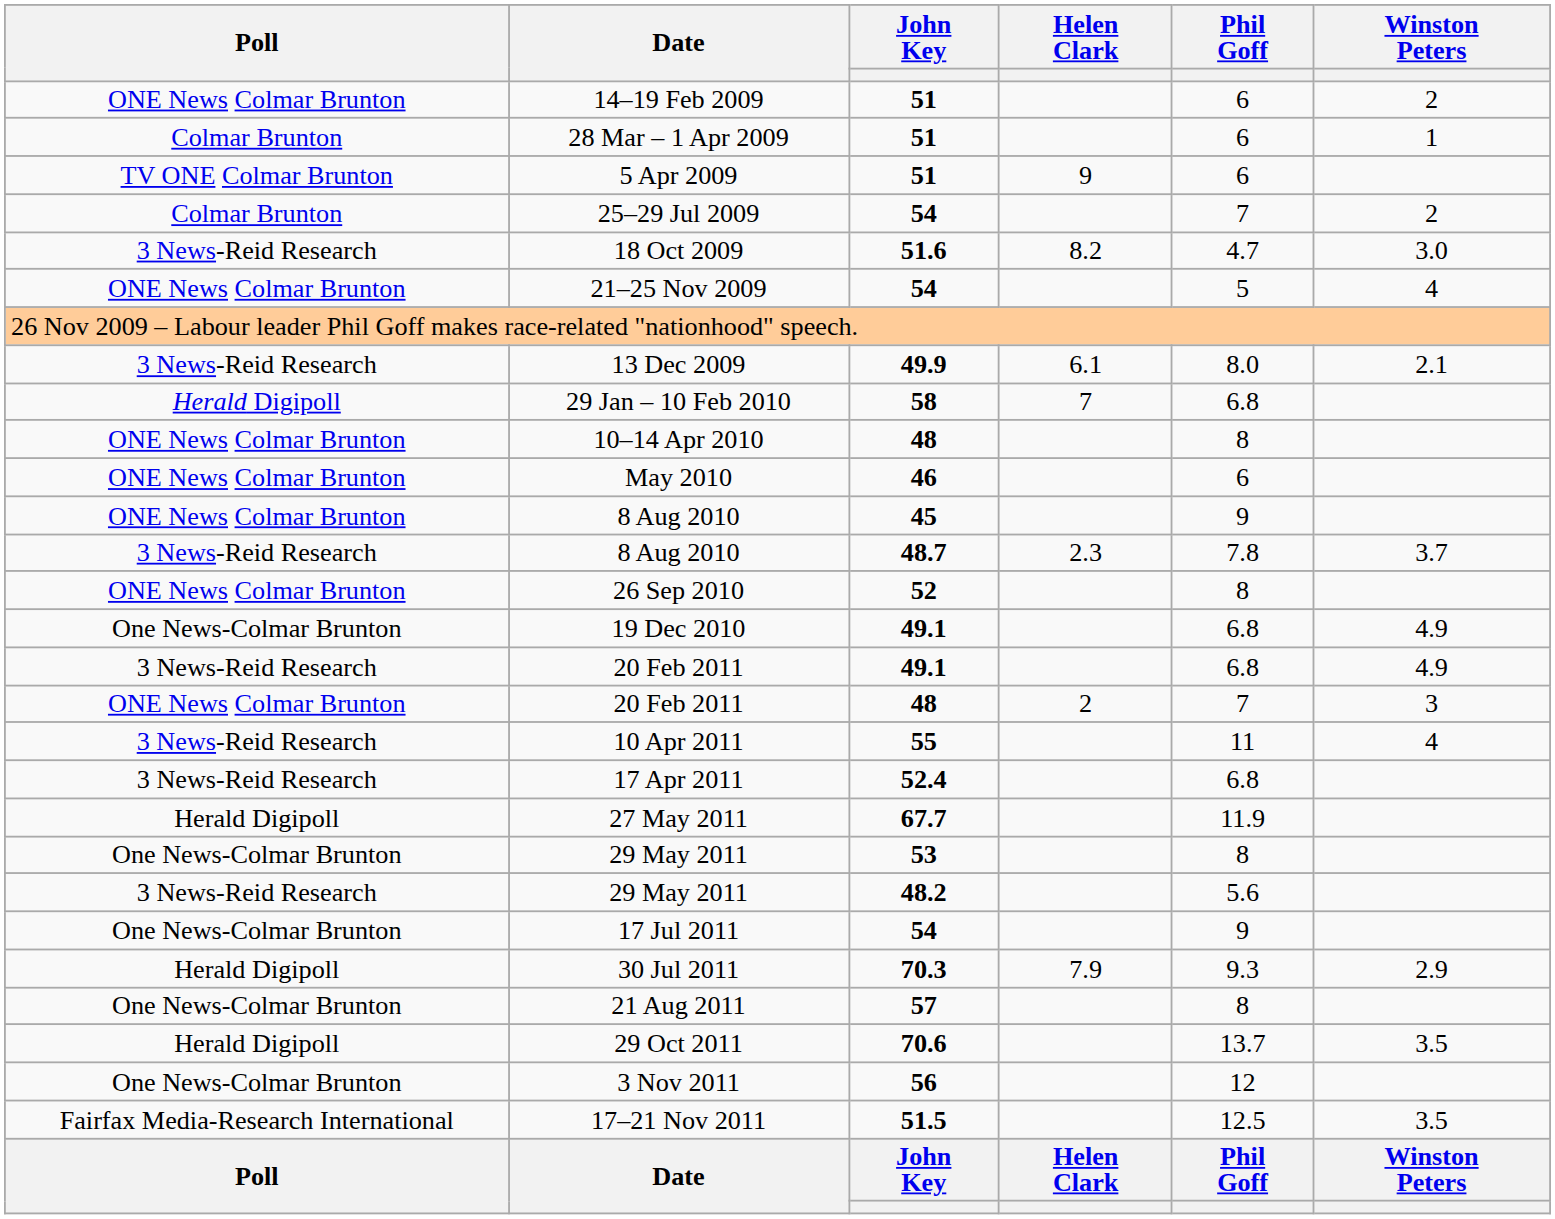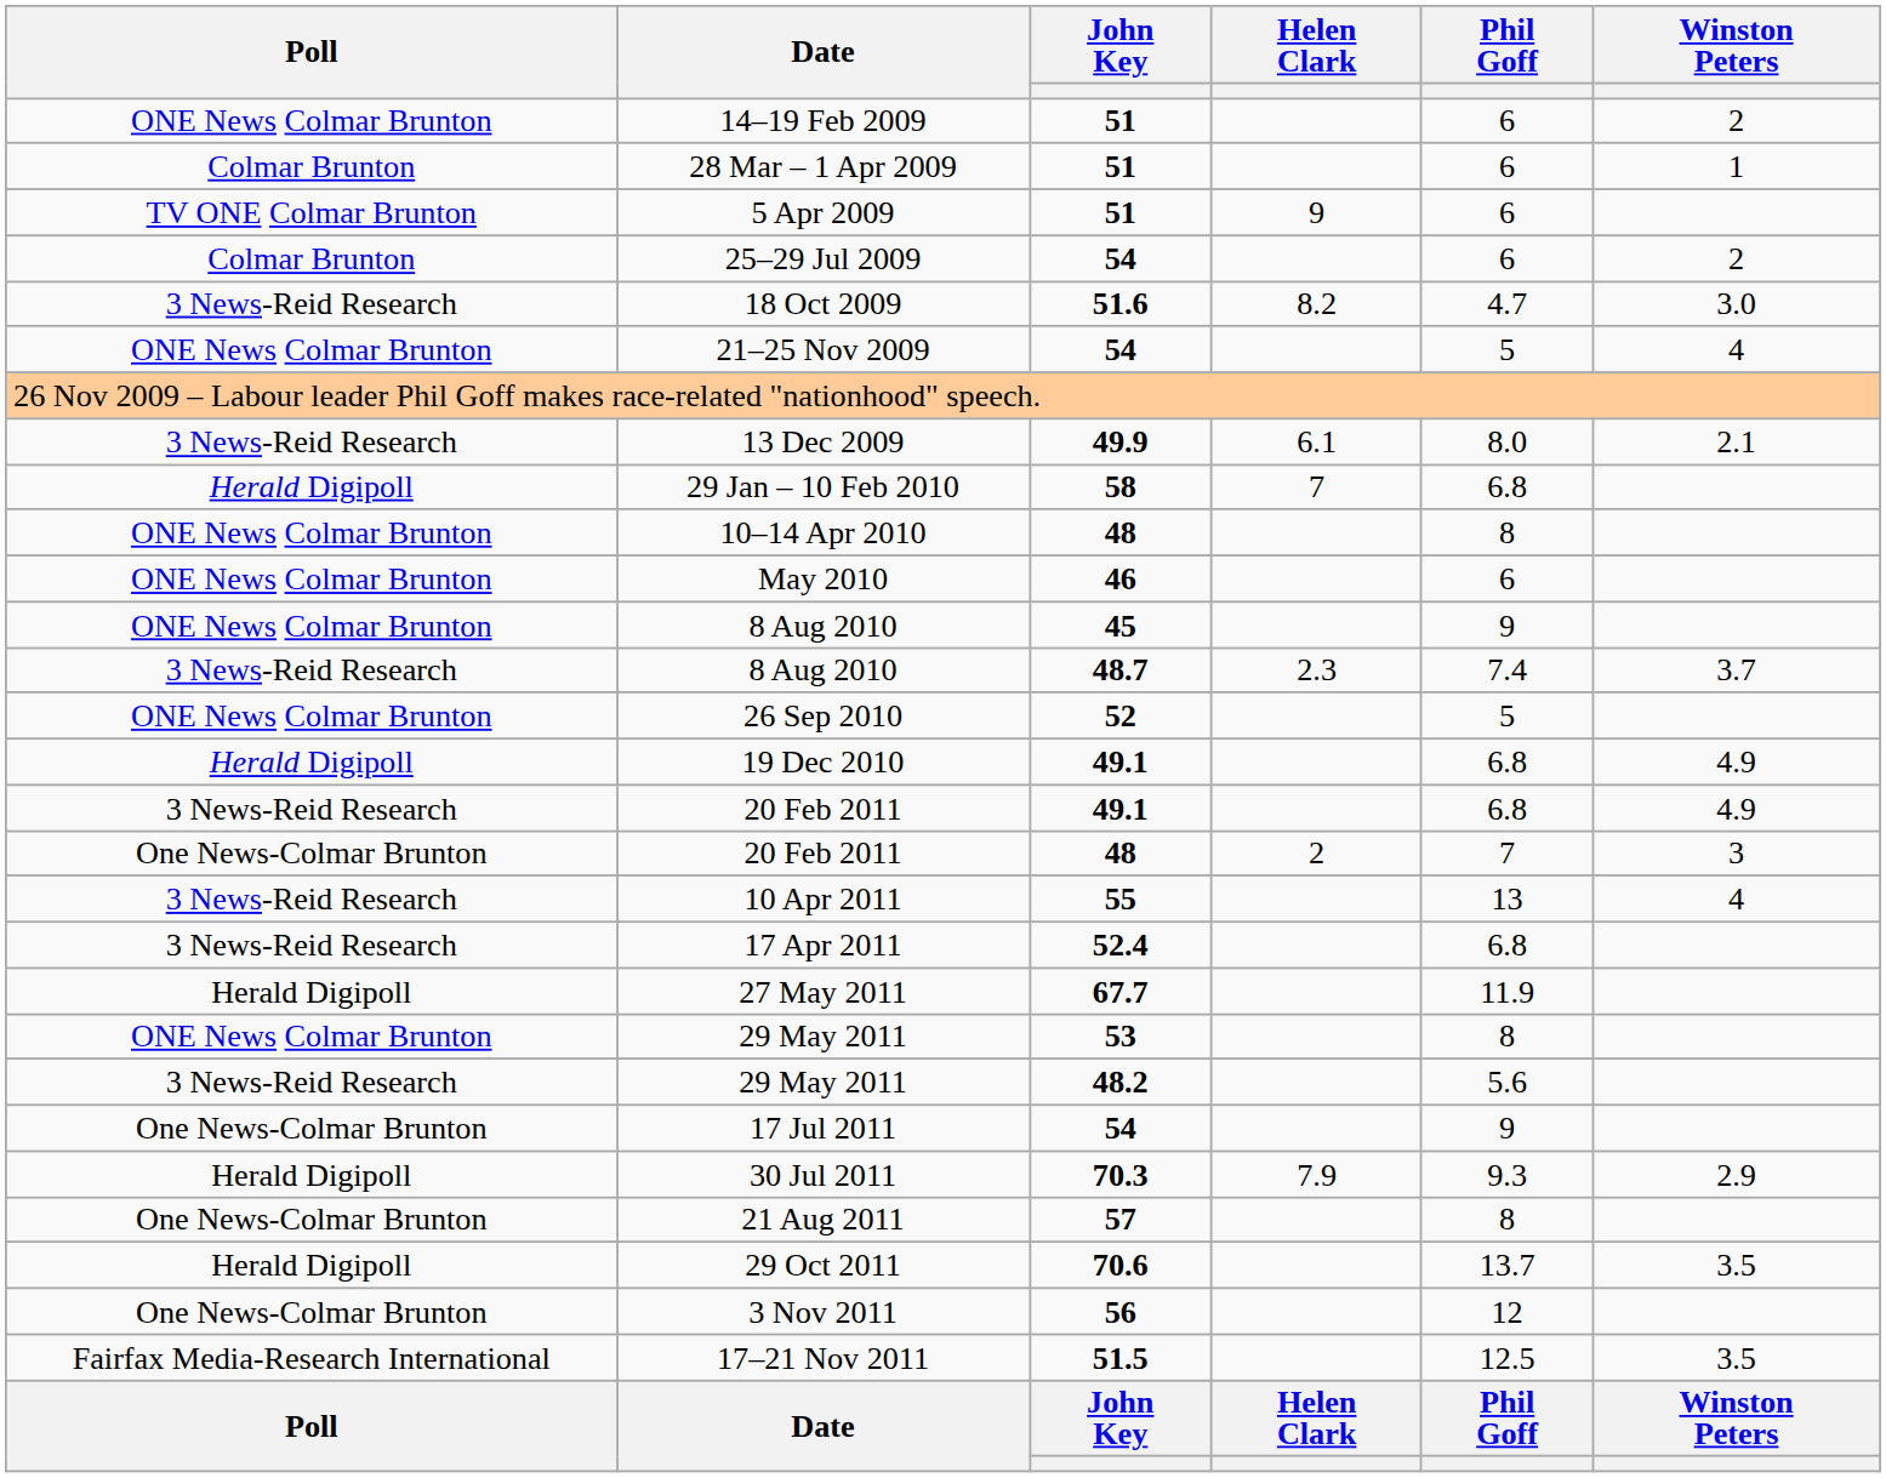 <table class="wikitable" style="width:850px;font-size:90%;line-height:14px;text-align:center;">
 <tr style="height:32px">
 <th style="width:100px;" rowspan="2">Poll</th>
 <th style="width:100px;" rowspan="2">Date<br></th>
 <th><a href='#'>John<br>Key</a></th>
 <th><a href='#'>Helen<br>Clark</a></th>
 <th><a href='#'>Phil<br>Goff</a></th>
 <th><a href='#'>Winston<br>Peters</a></th>
 </tr>
 <tr>
 <th class="unsortable" style="color:inherit;background:"></th>
 <th class="unsortable" style="color:inherit;background:"></th>
 <th class="unsortable" style="color:inherit;background:"></th>
 <th class="unsortable" style="color:inherit;background:"></th>
 </tr>
 <tr>
 <td><a href='#'>ONE News</a> <a href='#'>Colmar Brunton</a></td>
 <td>14–19 Feb 2009</td>
 <td><strong>51</strong></td>
 <td></td>
 <td>6</td>
 <td>2</td>
 </tr>
 <tr>
 <td><a href='#'>Colmar Brunton</a></td>
 <td>28 Mar – 1 Apr 2009</td>
 <td><strong>51</strong></td>
 <td></td>
 <td>6</td>
 <td>1</td>
 </tr>
 <tr>
 <td><a href='#'>TV ONE</a> <a href='#'>Colmar Brunton</a></td>
 <td>5 Apr 2009</td>
 <td><strong>51</strong></td>
 <td>9</td>
 <td>6</td>
 <td></td>
 </tr>
 <tr>
 <td><a href='#'>Colmar Brunton</a></td>
 <td>25–29 Jul 2009</td>
 <td><strong>54</strong></td>
 <td></td>
-<td>7</td>
+<td>6</td>
 <td>2</td>
 </tr>
 <tr>
 <td><a href='#'>3 News</a>-Reid Research</td>
 <td>18 Oct 2009</td>
 <td><strong>51.6</strong></td>
 <td>8.2</td>
 <td>4.7</td>
 <td>3.0</td>
 </tr>
 <tr>
 <td><a href='#'>ONE News</a> <a href='#'>Colmar Brunton</a></td>
 <td>21–25 Nov 2009</td>
 <td><strong>54</strong></td>
 <td></td>
 <td>5</td>
 <td>4</td>
 </tr>
 <tr>
 <td colspan="12" style="background:#fc9;text-align:left;">26 Nov 2009 – Labour leader Phil Goff makes race-related "nationhood" speech.</td>
 </tr>
 <tr>
 <td><a href='#'>3 News</a>-Reid Research</td>
 <td>13 Dec 2009</td>
 <td><strong>49.9</strong></td>
 <td>6.1</td>
 <td>8.0</td>
 <td>2.1</td>
 </tr>
 <tr>
 <td><a href='#'><em>Herald</em> Digipoll</a></td>
 <td>29 Jan – 10 Feb 2010</td>
 <td><strong>58</strong></td>
 <td>7</td>
 <td>6.8</td>
 <td></td>
 </tr>
 <tr>
 <td><a href='#'>ONE News</a> <a href='#'>Colmar Brunton</a></td>
 <td>10–14 Apr 2010</td>
 <td><strong>48</strong></td>
 <td></td>
 <td>8</td>
 <td></td>
 </tr>
 <tr>
 <td><a href='#'>ONE News</a> <a href='#'>Colmar Brunton</a></td>
 <td>May 2010</td>
 <td><strong>46</strong></td>
 <td></td>
 <td>6</td>
 <td></td>
 </tr>
 <tr>
 <td><a href='#'>ONE News</a> <a href='#'>Colmar Brunton</a></td>
 <td>8 Aug 2010</td>
 <td><strong>45</strong></td>
 <td></td>
 <td>9</td>
 <td></td>
 </tr>
 <tr>
 <td><a href='#'>3 News</a>-Reid Research</td>
 <td>8 Aug 2010</td>
 <td><strong>48.7</strong></td>
 <td>2.3</td>
-<td>7.8</td>
+<td>7.4</td>
 <td>3.7</td>
 </tr>
 <tr>
 <td><a href='#'>ONE News</a> <a href='#'>Colmar Brunton</a></td>
 <td>26 Sep 2010</td>
 <td><strong>52</strong></td>
 <td></td>
-<td>8</td>
+<td>5</td>
 <td></td>
 </tr>
 <tr>
-<td>One News-Colmar Brunton</td>
+<td><a href='#'><em>Herald</em> Digipoll</a></td>
 <td>19 Dec 2010</td>
 <td><strong>49.1</strong></td>
 <td></td>
 <td>6.8</td>
 <td>4.9</td>
 </tr>
 <tr>
 <td>3 News-Reid Research</td>
 <td>20 Feb 2011</td>
 <td><strong>49.1</strong></td>
 <td></td>
 <td>6.8</td>
 <td>4.9</td>
 </tr>
 <tr>
-<td><a href='#'>ONE News</a> <a href='#'>Colmar Brunton</a></td>
+<td>One News-Colmar Brunton</td>
 <td>20 Feb 2011</td>
 <td><strong>48</strong></td>
 <td>2</td>
 <td>7</td>
 <td>3<br></td>
 </tr>
 <tr>
 <td><a href='#'>3 News</a>-Reid Research</td>
 <td>10 Apr 2011</td>
 <td><strong>55</strong></td>
 <td></td>
-<td>11</td>
+<td>13</td>
 <td>4</td>
 </tr>
 <tr>
 <td>3 News-Reid Research</td>
 <td>17 Apr 2011</td>
 <td><strong>52.4</strong></td>
 <td></td>
 <td>6.8</td>
 <td></td>
 </tr>
 <tr>
 <td>Herald Digipoll</td>
 <td>27 May 2011</td>
 <td><strong>67.7</strong></td>
 <td></td>
 <td>11.9</td>
 <td></td>
 </tr>
 <tr>
-<td>One News-Colmar Brunton</td>
+<td><a href='#'>ONE News</a> <a href='#'>Colmar Brunton</a></td>
 <td>29 May 2011</td>
 <td><strong>53</strong></td>
 <td></td>
 <td>8</td>
 <td></td>
 </tr>
 <tr>
 <td>3 News-Reid Research</td>
 <td>29 May 2011</td>
 <td><strong>48.2</strong></td>
 <td></td>
 <td>5.6</td>
 <td></td>
 </tr>
 <tr>
 <td>One News-Colmar Brunton</td>
 <td>17 Jul 2011</td>
 <td><strong>54</strong></td>
 <td></td>
 <td>9</td>
 <td></td>
 </tr>
 <tr>
 <td>Herald Digipoll</td>
 <td>30 Jul 2011</td>
 <td><strong>70.3</strong></td>
 <td>7.9</td>
 <td>9.3</td>
 <td>2.9</td>
 </tr>
 <tr>
 <td>One News-Colmar Brunton</td>
 <td>21 Aug 2011</td>
 <td><strong>57</strong></td>
 <td></td>
 <td>8</td>
 <td></td>
 </tr>
 <tr>
 <td>Herald Digipoll</td>
 <td>29 Oct 2011</td>
 <td><strong>70.6</strong></td>
 <td></td>
 <td>13.7</td>
 <td>3.5</td>
 </tr>
 <tr>
 <td>One News-Colmar Brunton</td>
 <td>3 Nov 2011</td>
 <td><strong>56</strong></td>
 <td></td>
 <td>12</td>
 <td></td>
 </tr>
 <tr>
 <td>Fairfax Media-Research International</td>
 <td>17–21 Nov 2011</td>
 <td><strong>51.5</strong></td>
 <td></td>
 <td>12.5</td>
 <td>3.5</td>
 </tr>
 <tr>
 <th style="width:270px;" rowspan="2">Poll</th>
 <th style="width:180px;" rowspan="2">Date<br></th>
 <th><a href='#'>John<br>Key</a></th>
 <th><a href='#'>Helen<br>Clark</a></th>
 <th><a href='#'>Phil<br>Goff</a></th>
 <th><a href='#'>Winston<br>Peters</a></th>
 </tr>
 <tr>
 <th class="unsortable" style="color:inherit;background:"></th>
 <th class="unsortable" style="color:inherit;background:"></th>
 <th class="unsortable" style="color:inherit;background:"></th>
 <th class="unsortable" style="color:inherit;background:"></th>
 </tr>
 </table>
